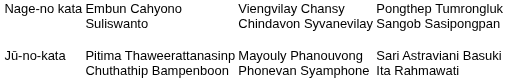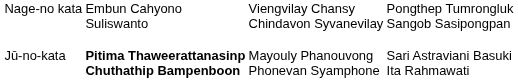 <table>
 <tr>
 <td>Nage-no kata</td>
 <td nowrap><br>Embun Cahyono<br>Suliswanto</td>
 <td nowrap><br>Viengvilay Chansy<br>Chindavon Syvanevilay</td>
 <td nowrap><br>Pongthep Tumrongluk<br>Sangob Sasipongpan</td>
 </tr>
 <tr>
 <td>Jū-no-kata</td>
-<td nowrap><br>Pitima Thaweerattanasinp<br>Chuthathip Bampenboon</td>
+<td nowrap><strong><br>Pitima Thaweerattanasinp<br>Chuthathip Bampenboon</strong></td>
 <td nowrap><br>Mayouly Phanouvong<br>Phonevan Syamphone</td>
 <td nowrap><br>Sari Astraviani Basuki<br>Ita Rahmawati</td>
 </tr>
 </table>
